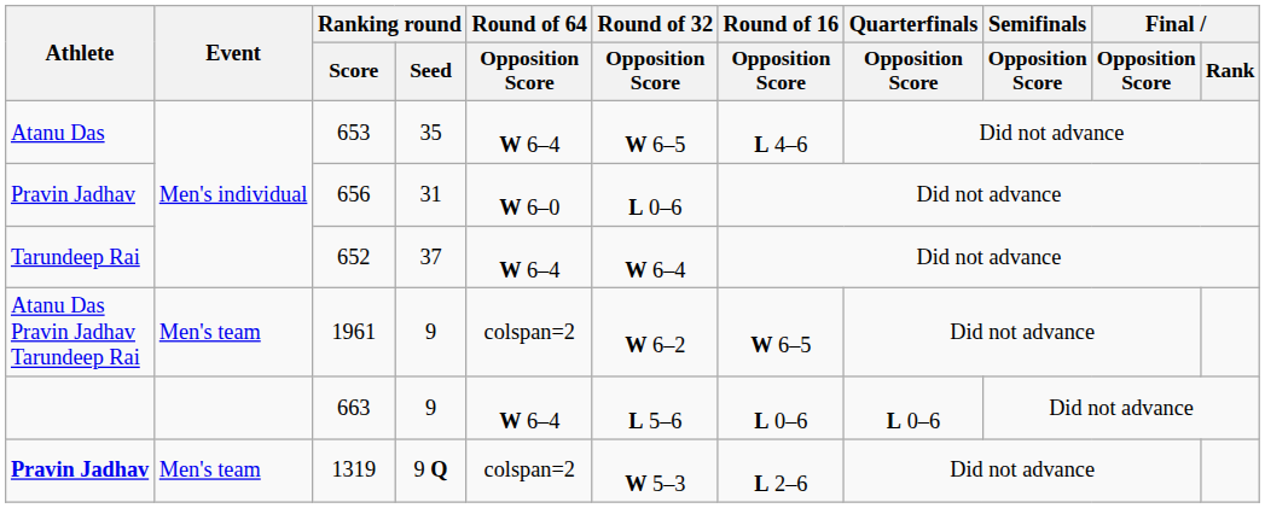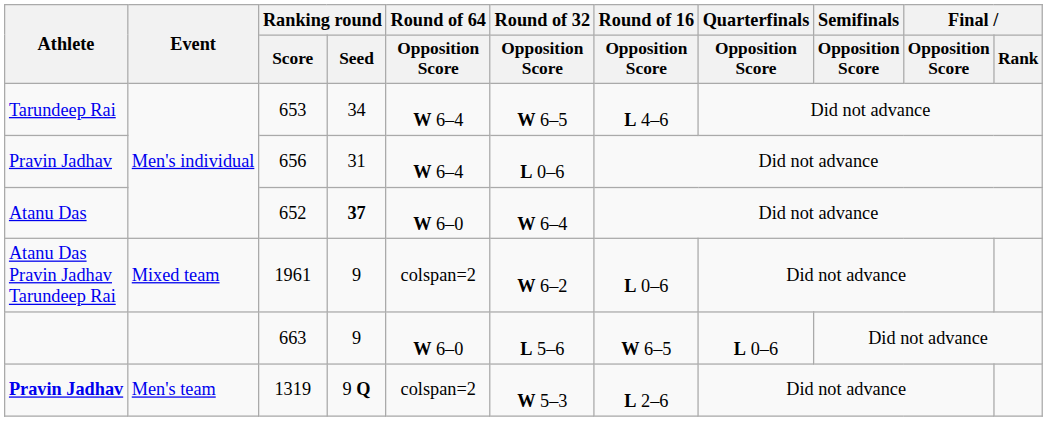 <table class="wikitable" style="font-size:90%">
 <tr>
 <th rowspan=2>Athlete</th>
 <th rowspan=2>Event</th>
 <th colspan="2">Ranking round</th>
 <th>Round of 64</th>
 <th>Round of 32</th>
 <th>Round of 16</th>
 <th>Quarterfinals</th>
 <th>Semifinals</th>
 <th colspan="2">Final / </th>
 </tr>
 <tr style="font-size:95%">
 <th>Score</th>
 <th>Seed</th>
 <th>Opposition <br> Score</th>
 <th>Opposition <br> Score</th>
 <th>Opposition <br> Score</th>
 <th>Opposition <br> Score</th>
 <th>Opposition <br> Score</th>
 <th>Opposition <br> Score</th>
 <th>Rank</th>
 </tr>
 <tr align=center>
-<td align=left><a href='#'>Atanu Das</a></td>
+<td align=left><a href='#'>Tarundeep Rai</a></td>
 <td align=left rowspan=3><a href='#'>Men's individual</a></td>
 <td>653</td>
-<td>35</td>
+<td>34</td>
 <td> <br> <strong>W</strong> 6–4</td>
 <td> <br> <strong>W</strong> 6–5</td>
 <td> <br> <strong>L</strong> 4–6</td>
 <td colspan=4>Did not advance</td>
 </tr>
 <tr align=center>
 <td align=left><a href='#'>Pravin Jadhav</a></td>
 <td>656</td>
 <td>31</td>
-<td> <br> <strong>W</strong> 6–0</td>
+<td> <br> <strong>W</strong> 6–4</td>
 <td> <br> <strong>L</strong> 0–6</td>
 <td colspan=5>Did not advance</td>
 </tr>
 <tr align=center>
-<td align=left><a href='#'>Tarundeep Rai</a></td>
+<td align=left><a href='#'>Atanu Das</a></td>
 <td>652</td>
-<td>37</td>
-<td> <br> <strong>W</strong> 6–4</td>
+<td><strong>37</strong></td>
+<td> <br> <strong>W</strong> 6–0</td>
 <td> <br> <strong>W</strong> 6–4</td>
 <td colspan=5>Did not advance</td>
 </tr>
 <tr align=center>
 <td align=left><a href='#'>Atanu Das</a> <br> <a href='#'>Pravin Jadhav</a> <br> <a href='#'>Tarundeep Rai</a></td>
-<td align=left><a href='#'>Men's team</a></td>
+<td align=left><a href='#'>Mixed team</a></td>
 <td>1961</td>
 <td>9</td>
 <td>colspan=2 </td>
 <td> <br> <strong>W</strong> 6–2</td>
-<td> <br> <strong>W</strong> 6–5</td>
+<td> <br> <strong>L</strong> 0–6</td>
 <td colspan=3>Did not advance</td>
 </tr>
 <tr align=center>
 <td align=left></td>
 <td align=left></td>
 <td>663</td>
 <td>9</td>
-<td> <br> <strong>W</strong> 6–4</td>
+<td> <br> <strong>W</strong> 6–0</td>
 <td> <br> <strong>L</strong> 5–6</td>
-<td> <br> <strong>L</strong> 0–6</td>
+<td> <br> <strong>W</strong> 6–5</td>
 <td> <br> <strong>L</strong> 0–6</td>
 <td colspan=3>Did not advance</td>
 </tr>
 <tr align=center>
 <td align=left><strong><a href='#'>Pravin Jadhav</a> <br> </strong></td>
 <td align=left><a href='#'>Men's team</a></td>
 <td>1319</td>
 <td>9 <strong>Q</strong></td>
 <td>colspan=2 </td>
 <td> <br> <strong>W</strong> 5–3</td>
 <td> <br> <strong>L</strong> 2–6</td>
 <td colspan=3>Did not advance</td>
 </tr>
 </table>
